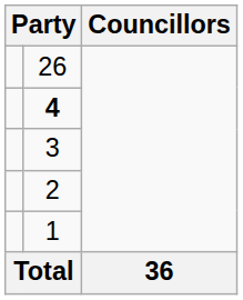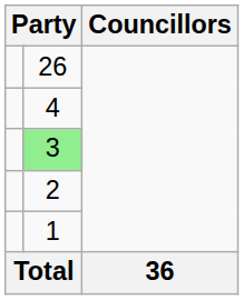 <table class="wikitable">
 <tr>
 <th colspan=2>Party</th>
 <th>Councillors</th>
 </tr>
 <tr>
 <td></td>
 <td align=center>26</td>
 </tr>
 <tr>
 <td></td>
-<td align=center><strong>4</strong></td>
+<td align=center>4</td>
 </tr>
 <tr>
 <td></td>
-<td align=center>3</td>
+<td align=center style="background: lightgreen;">3</td>
 </tr>
 <tr>
 <td></td>
 <td align=center>2</td>
 </tr>
 <tr>
 <td></td>
 <td align=center>1</td>
 </tr>
 <tr>
 <th colspan=2>Total</th>
 <th align=center>36</th>
 </tr>
 </table>
